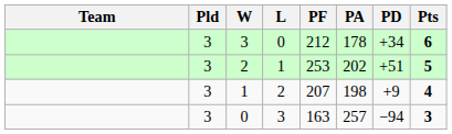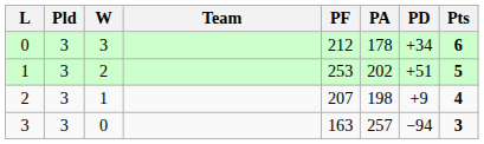 <table class=wikitable style="text-align:center">
 <tr>
-<th width=180>Team</th>
+<th width=30>L</th>
 <th width=30>Pld</th>
 <th width=30>W</th>
-<th width=30>L</th>
+<th width=180>Team</th>
 <th width=30>PF</th>
 <th width=30>PA</th>
 <th width=30>PD</th>
 <th width=30>Pts</th>
 </tr>
 <tr align=center bgcolor="#ccffcc">
-<td align=left></td>
+<td>0</td>
 <td>3</td>
 <td>3</td>
-<td>0</td>
+<td align=left></td>
 <td>212</td>
 <td>178</td>
 <td>+34</td>
 <td><strong>6</strong></td>
 </tr>
 <tr align=center bgcolor="#ccffcc">
-<td align=left></td>
+<td>1</td>
 <td>3</td>
 <td>2</td>
-<td>1</td>
+<td align=left></td>
 <td>253</td>
 <td>202</td>
 <td>+51</td>
 <td><strong>5</strong></td>
 </tr>
 <tr align=center>
-<td align=left></td>
+<td>2</td>
 <td>3</td>
 <td>1</td>
-<td>2</td>
+<td align=left></td>
 <td>207</td>
 <td>198</td>
 <td>+9</td>
 <td><strong>4</strong></td>
 </tr>
 <tr align=center>
-<td align=left></td>
+<td>3</td>
 <td>3</td>
 <td>0</td>
-<td>3</td>
+<td align=left></td>
 <td>163</td>
 <td>257</td>
 <td>−94</td>
 <td><strong>3</strong></td>
 </tr>
 </table>
